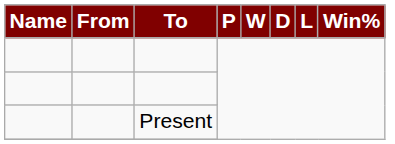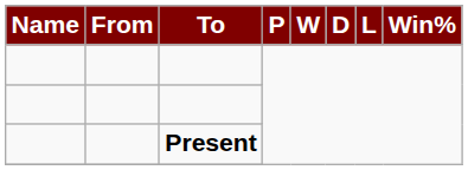 <table class="wikitable sortable" style="text-align: center;">
 <tr>
 <th style="background:maroon; color:white;" scope="col">Name</th>
 <th style="background:maroon; color:white;" scope="col">From</th>
 <th style="background:maroon; color:white;" scope="col">To</th>
 <th style="background:maroon; color:white;" scope="col">P</th>
 <th style="background:maroon; color:white;" scope="col">W</th>
 <th style="background:maroon; color:white;" scope="col">D</th>
 <th style="background:maroon; color:white;" scope="col">L</th>
 <th style="background:maroon; color:white;" scope="col">Win%</th>
 </tr>
 <tr>
 <td align=left></td>
 <td></td>
 <td><br></td>
 </tr>
 <tr>
 <td align=left></td>
 <td></td>
 <td><br></td>
 </tr>
 <tr>
 <td align=left></td>
 <td></td>
-<td>Present<br></td>
+<td><strong>Present<br></strong></td>
 </tr>
 <tr>
 </tr>
 </table>
